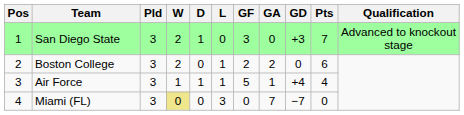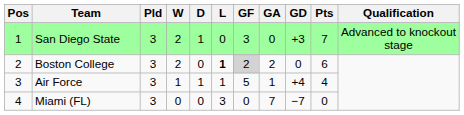 <table class="wikitable" style="text-align:center; margin: 1em auto">
 <tr>
 <th style="width:2em">Pos</th>
 <th style="width:13em">Team</th>
 <th style="width:2em">Pld</th>
 <th style="width:2em">W</th>
 <th style="width:2em">D</th>
 <th style="width:2em">L</th>
 <th style="width:2em">GF</th>
 <th style="width:2em">GA</th>
 <th style="width:2em">GD</th>
 <th style="width:2em">Pts</th>
 <th style="width:13em">Qualification</th>
 </tr>
 <tr bgcolor="#9eff9e">
 <td>1</td>
 <td style="text-align:left">San Diego State</td>
 <td>3</td>
 <td>2</td>
 <td>1</td>
 <td>0</td>
 <td>3</td>
 <td>0</td>
 <td>+3</td>
 <td>7</td>
 <td>Advanced to knockout stage</td>
 </tr>
 <tr>
 <td>2</td>
 <td style="text-align:left">Boston College</td>
 <td>3</td>
 <td>2</td>
 <td>0</td>
-<td>1</td>
-<td>2</td>
+<td><strong>1</strong></td>
+<td style="background: lightgrey;">2</td>
 <td>2</td>
 <td>0</td>
 <td>6</td>
 </tr>
 <tr>
 <td>3</td>
 <td style="text-align:left">Air Force</td>
 <td>3</td>
 <td>1</td>
 <td>1</td>
 <td>1</td>
 <td>5</td>
 <td>1</td>
 <td>+4</td>
 <td>4</td>
 </tr>
 <tr>
 <td>4</td>
 <td style="text-align:left">Miami (FL)</td>
 <td>3</td>
-<td style="background: khaki;">0</td>
+<td>0</td>
 <td>0</td>
 <td>3</td>
 <td>0</td>
 <td>7</td>
 <td>−7</td>
 <td>0</td>
 </tr>
 </table>
